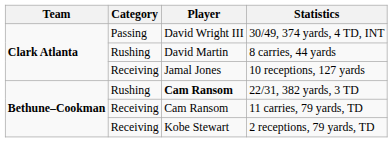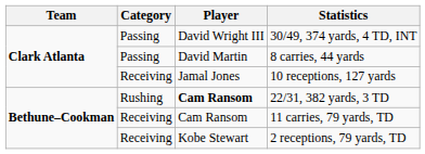 <table class="wikitable" style="float: right;">
 <tr>
 <th>Team</th>
 <th>Category</th>
 <th>Player</th>
 <th>Statistics</th>
 </tr>
 <tr>
 <td rowspan=3><strong>Clark Atlanta</strong></td>
 <td>Passing</td>
 <td>David Wright III</td>
 <td>30/49, 374 yards, 4 TD, INT</td>
 </tr>
 <tr>
-<td>Rushing</td>
+<td>Passing</td>
 <td>David Martin</td>
 <td>8 carries, 44 yards</td>
 </tr>
 <tr>
 <td>Receiving</td>
 <td>Jamal Jones</td>
 <td>10 receptions, 127 yards</td>
 </tr>
 <tr>
 <td rowspan=3><strong>Bethune–Cookman</strong></td>
 <td>Rushing</td>
 <td><strong>Cam Ransom</strong></td>
 <td>22/31, 382 yards, 3 TD</td>
 </tr>
 <tr>
 <td>Receiving</td>
 <td>Cam Ransom</td>
 <td>11 carries, 79 yards, TD</td>
 </tr>
 <tr>
 <td>Receiving</td>
 <td>Kobe Stewart</td>
 <td>2 receptions, 79 yards, TD</td>
 </tr>
 </table>
